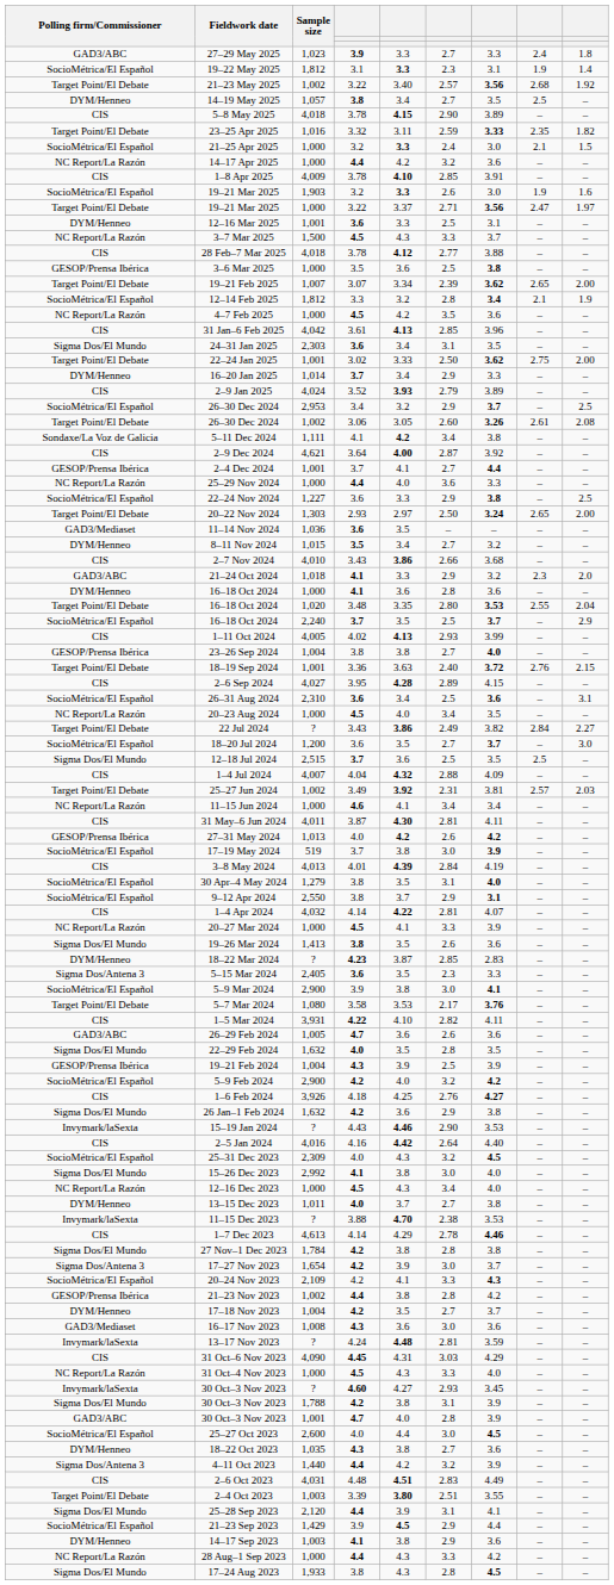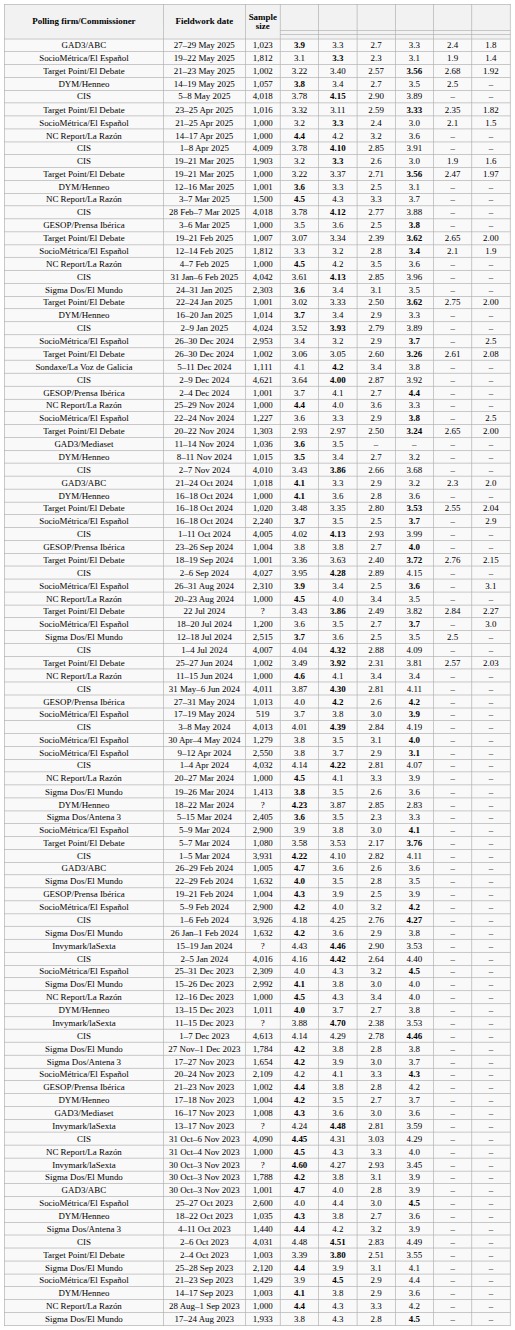 <table class="wikitable collapsible collapsed" style="text-align:center; font-size:90%; line-height:14px;">
 <tr style="height:42px;">
 <th style="width:250px;" rowspan="3">Polling firm/Commissioner</th>
 <th style="width:125px;" rowspan="3">Fieldwork date</th>
 <th style="width:50px;" rowspan="3">Sample size</th>
 <th style="width:55px;"></th>
 <th style="width:55px;"></th>
 <th style="width:55px;"></th>
 <th style="width:55px;"></th>
 <th style="width:55px;"></th>
 <th style="width:55px;"></th>
 </tr>
 <tr>
 <th style="color:inherit;background:"></th>
 <th style="color:inherit;background:"></th>
 <th style="color:inherit;background:"></th>
 <th style="color:inherit;background:"></th>
 <th style="color:inherit;background:"></th>
 <th style="color:inherit;background:"></th>
 </tr>
 <tr>
 <th></th>
 <th></th>
 <th></th>
 <th></th>
 <th></th>
 <th></th>
 </tr>
 <tr>
 <td>GAD3/ABC</td>
 <td>27–29 May 2025</td>
 <td>1,023</td>
 <td><strong>3.9</strong></td>
 <td>3.3</td>
 <td>2.7</td>
 <td>3.3</td>
 <td>2.4</td>
 <td>1.8</td>
 </tr>
 <tr>
 <td>SocioMétrica/El Español</td>
 <td>19–22 May 2025</td>
 <td>1,812</td>
 <td>3.1</td>
 <td><strong>3.3</strong></td>
 <td>2.3</td>
 <td>3.1</td>
 <td>1.9</td>
 <td>1.4</td>
 </tr>
 <tr>
 <td>Target Point/El Debate</td>
 <td>21–23 May 2025</td>
 <td>1,002</td>
 <td>3.22</td>
 <td>3.40</td>
 <td>2.57</td>
 <td><strong>3.56</strong></td>
 <td>2.68</td>
 <td>1.92</td>
 </tr>
 <tr>
 <td>DYM/Henneo</td>
 <td>14–19 May 2025</td>
 <td>1,057</td>
 <td><strong>3.8</strong></td>
 <td>3.4</td>
 <td>2.7</td>
 <td>3.5</td>
 <td>2.5</td>
 <td>–</td>
 </tr>
 <tr>
 <td>CIS</td>
 <td>5–8 May 2025</td>
 <td>4,018</td>
 <td>3.78</td>
 <td><strong>4.15</strong></td>
 <td>2.90</td>
 <td>3.89</td>
 <td>–</td>
 <td>–</td>
 </tr>
 <tr>
 <td>Target Point/El Debate</td>
 <td>23–25 Apr 2025</td>
 <td>1,016</td>
 <td>3.32</td>
 <td>3.11</td>
 <td>2.59</td>
 <td><strong>3.33</strong></td>
 <td>2.35</td>
 <td>1.82</td>
 </tr>
 <tr>
 <td>SocioMétrica/El Español</td>
 <td>21–25 Apr 2025</td>
 <td>1,000</td>
 <td>3.2</td>
 <td><strong>3.3</strong></td>
 <td>2.4</td>
 <td>3.0</td>
 <td>2.1</td>
 <td>1.5</td>
 </tr>
 <tr>
 <td>NC Report/La Razón</td>
 <td>14–17 Apr 2025</td>
 <td>1,000</td>
 <td><strong>4.4</strong></td>
 <td>4.2</td>
 <td>3.2</td>
 <td>3.6</td>
 <td>–</td>
 <td>–</td>
 </tr>
 <tr>
 <td>CIS</td>
 <td>1–8 Apr 2025</td>
 <td>4,009</td>
 <td>3.78</td>
 <td><strong>4.10</strong></td>
 <td>2.85</td>
 <td>3.91</td>
 <td>–</td>
 <td>–</td>
 </tr>
 <tr>
-<td>SocioMétrica/El Español</td>
+<td>CIS</td>
 <td>19–21 Mar 2025</td>
 <td>1,903</td>
 <td>3.2</td>
 <td><strong>3.3</strong></td>
 <td>2.6</td>
 <td>3.0</td>
 <td>1.9</td>
 <td>1.6</td>
 </tr>
 <tr>
 <td>Target Point/El Debate</td>
 <td>19–21 Mar 2025</td>
 <td>1,000</td>
 <td>3.22</td>
 <td>3.37</td>
 <td>2.71</td>
 <td><strong>3.56</strong></td>
 <td>2.47</td>
 <td>1.97</td>
 </tr>
 <tr>
 <td>DYM/Henneo</td>
 <td>12–16 Mar 2025</td>
 <td>1,001</td>
 <td><strong>3.6</strong></td>
 <td>3.3</td>
 <td>2.5</td>
 <td>3.1</td>
 <td>–</td>
 <td>–</td>
 </tr>
 <tr>
 <td>NC Report/La Razón</td>
 <td>3–7 Mar 2025</td>
 <td>1,500</td>
 <td><strong>4.5</strong></td>
 <td>4.3</td>
 <td>3.3</td>
 <td>3.7</td>
 <td>–</td>
 <td>–</td>
 </tr>
 <tr>
 <td>CIS</td>
 <td>28 Feb–7 Mar 2025</td>
 <td>4,018</td>
 <td>3.78</td>
 <td><strong>4.12</strong></td>
 <td>2.77</td>
 <td>3.88</td>
 <td>–</td>
 <td>–</td>
 </tr>
 <tr>
 <td>GESOP/Prensa Ibérica</td>
 <td>3–6 Mar 2025</td>
 <td>1,000</td>
 <td>3.5</td>
 <td>3.6</td>
 <td>2.5</td>
 <td><strong>3.8</strong></td>
 <td>–</td>
 <td>–</td>
 </tr>
 <tr>
 <td>Target Point/El Debate</td>
 <td>19–21 Feb 2025</td>
 <td>1,007</td>
 <td>3.07</td>
 <td>3.34</td>
 <td>2.39</td>
 <td><strong>3.62</strong></td>
 <td>2.65</td>
 <td>2.00</td>
 </tr>
 <tr>
 <td>SocioMétrica/El Español</td>
 <td>12–14 Feb 2025</td>
 <td>1,812</td>
 <td>3.3</td>
 <td>3.2</td>
 <td>2.8</td>
 <td><strong>3.4</strong></td>
 <td>2.1</td>
 <td>1.9</td>
 </tr>
 <tr>
 <td>NC Report/La Razón</td>
 <td>4–7 Feb 2025</td>
 <td>1,000</td>
 <td><strong>4.5</strong></td>
 <td>4.2</td>
 <td>3.5</td>
 <td>3.6</td>
 <td>–</td>
 <td>–</td>
 </tr>
 <tr>
 <td>CIS</td>
 <td>31 Jan–6 Feb 2025</td>
 <td>4,042</td>
 <td>3.61</td>
 <td><strong>4.13</strong></td>
 <td>2.85</td>
 <td>3.96</td>
 <td>–</td>
 <td>–</td>
 </tr>
 <tr>
 <td>Sigma Dos/El Mundo</td>
 <td>24–31 Jan 2025</td>
 <td>2,303</td>
 <td><strong>3.6</strong></td>
 <td>3.4</td>
 <td>3.1</td>
 <td>3.5</td>
 <td>–</td>
 <td>–</td>
 </tr>
 <tr>
 <td>Target Point/El Debate</td>
 <td>22–24 Jan 2025</td>
 <td>1,001</td>
 <td>3.02</td>
 <td>3.33</td>
 <td>2.50</td>
 <td><strong>3.62</strong></td>
 <td>2.75</td>
 <td>2.00</td>
 </tr>
 <tr>
 <td>DYM/Henneo</td>
 <td>16–20 Jan 2025</td>
 <td>1,014</td>
 <td><strong>3.7</strong></td>
 <td>3.4</td>
 <td>2.9</td>
 <td>3.3</td>
 <td>–</td>
 <td>–</td>
 </tr>
 <tr>
 <td>CIS</td>
 <td>2–9 Jan 2025</td>
 <td>4,024</td>
 <td>3.52</td>
 <td><strong>3.93</strong></td>
 <td>2.79</td>
 <td>3.89</td>
 <td>–</td>
 <td>–</td>
 </tr>
 <tr>
 <td>SocioMétrica/El Español</td>
 <td>26–30 Dec 2024</td>
 <td>2,953</td>
 <td>3.4</td>
 <td>3.2</td>
 <td>2.9</td>
 <td><strong>3.7</strong></td>
 <td>–</td>
 <td>2.5</td>
 </tr>
 <tr>
 <td>Target Point/El Debate</td>
 <td>26–30 Dec 2024</td>
 <td>1,002</td>
 <td>3.06</td>
 <td>3.05</td>
 <td>2.60</td>
 <td><strong>3.26</strong></td>
 <td>2.61</td>
 <td>2.08</td>
 </tr>
 <tr>
 <td>Sondaxe/La Voz de Galicia</td>
 <td>5–11 Dec 2024</td>
 <td>1,111</td>
 <td>4.1</td>
 <td><strong>4.2</strong></td>
 <td>3.4</td>
 <td>3.8</td>
 <td>–</td>
 <td>–</td>
 </tr>
 <tr>
 <td>CIS</td>
 <td>2–9 Dec 2024</td>
 <td>4,621</td>
 <td>3.64</td>
 <td><strong>4.00</strong></td>
 <td>2.87</td>
 <td>3.92</td>
 <td>–</td>
 <td>–</td>
 </tr>
 <tr>
 <td>GESOP/Prensa Ibérica</td>
 <td>2–4 Dec 2024</td>
 <td>1,001</td>
 <td>3.7</td>
 <td>4.1</td>
 <td>2.7</td>
 <td><strong>4.4</strong></td>
 <td>–</td>
 <td>–</td>
 </tr>
 <tr>
 <td>NC Report/La Razón</td>
 <td>25–29 Nov 2024</td>
 <td>1,000</td>
 <td><strong>4.4</strong></td>
 <td>4.0</td>
 <td>3.6</td>
 <td>3.3</td>
 <td>–</td>
 <td>–</td>
 </tr>
 <tr>
 <td>SocioMétrica/El Español</td>
 <td>22–24 Nov 2024</td>
 <td>1,227</td>
 <td>3.6</td>
 <td>3.3</td>
 <td>2.9</td>
 <td><strong>3.8</strong></td>
 <td>–</td>
 <td>2.5</td>
 </tr>
 <tr>
 <td>Target Point/El Debate</td>
 <td>20–22 Nov 2024</td>
 <td>1,303</td>
 <td>2.93</td>
 <td>2.97</td>
 <td>2.50</td>
 <td><strong>3.24</strong></td>
 <td>2.65</td>
 <td>2.00</td>
 </tr>
 <tr>
 <td>GAD3/Mediaset</td>
 <td>11–14 Nov 2024</td>
 <td>1,036</td>
 <td><strong>3.6</strong></td>
 <td>3.5</td>
 <td>–</td>
 <td>–</td>
 <td>–</td>
 <td>–</td>
 </tr>
 <tr>
 <td>DYM/Henneo</td>
 <td>8–11 Nov 2024</td>
 <td>1,015</td>
 <td><strong>3.5</strong></td>
 <td>3.4</td>
 <td>2.7</td>
 <td>3.2</td>
 <td>–</td>
 <td>–</td>
 </tr>
 <tr>
 <td>CIS</td>
 <td>2–7 Nov 2024</td>
 <td>4,010</td>
 <td>3.43</td>
 <td><strong>3.86</strong></td>
 <td>2.66</td>
 <td>3.68</td>
 <td>–</td>
 <td>–</td>
 </tr>
 <tr>
 <td>GAD3/ABC</td>
 <td>21–24 Oct 2024</td>
 <td>1,018</td>
 <td><strong>4.1</strong></td>
 <td>3.3</td>
 <td>2.9</td>
 <td>3.2</td>
 <td>2.3</td>
 <td>2.0</td>
 </tr>
 <tr>
 <td>DYM/Henneo</td>
 <td>16–18 Oct 2024</td>
 <td>1,000</td>
 <td><strong>4.1</strong></td>
 <td>3.6</td>
 <td>2.8</td>
 <td>3.6</td>
 <td>–</td>
 <td>–</td>
 </tr>
 <tr>
 <td>Target Point/El Debate</td>
 <td>16–18 Oct 2024</td>
 <td>1,020</td>
 <td>3.48</td>
 <td>3.35</td>
 <td>2.80</td>
 <td><strong>3.53</strong></td>
 <td>2.55</td>
 <td>2.04</td>
 </tr>
 <tr>
 <td>SocioMétrica/El Español</td>
 <td>16–18 Oct 2024</td>
 <td>2,240</td>
 <td><strong>3.7</strong></td>
 <td>3.5</td>
 <td>2.5</td>
 <td><strong>3.7</strong></td>
 <td>–</td>
 <td>2.9</td>
 </tr>
 <tr>
 <td>CIS</td>
 <td>1–11 Oct 2024</td>
 <td>4,005</td>
 <td>4.02</td>
 <td><strong>4.13</strong></td>
 <td>2.93</td>
 <td>3.99</td>
 <td>–</td>
 <td>–</td>
 </tr>
 <tr>
 <td>GESOP/Prensa Ibérica</td>
 <td>23–26 Sep 2024</td>
 <td>1,004</td>
 <td>3.8</td>
 <td>3.8</td>
 <td>2.7</td>
 <td><strong>4.0</strong></td>
 <td>–</td>
 <td>–</td>
 </tr>
 <tr>
 <td>Target Point/El Debate</td>
 <td>18–19 Sep 2024</td>
 <td>1,001</td>
 <td>3.36</td>
 <td>3.63</td>
 <td>2.40</td>
 <td><strong>3.72</strong></td>
 <td>2.76</td>
 <td>2.15</td>
 </tr>
 <tr>
 <td>CIS</td>
 <td>2–6 Sep 2024</td>
 <td>4,027</td>
 <td>3.95</td>
 <td><strong>4.28</strong></td>
 <td>2.89</td>
 <td>4.15</td>
 <td>–</td>
 <td>–</td>
 </tr>
 <tr>
 <td>SocioMétrica/El Español</td>
 <td>26–31 Aug 2024</td>
 <td>2,310</td>
-<td><strong>3.6</strong></td>
+<td><strong>3.9</strong></td>
 <td>3.4</td>
 <td>2.5</td>
 <td><strong>3.6</strong></td>
 <td>–</td>
 <td>3.1</td>
 </tr>
 <tr>
 <td>NC Report/La Razón</td>
 <td>20–23 Aug 2024</td>
 <td>1,000</td>
 <td><strong>4.5</strong></td>
 <td>4.0</td>
 <td>3.4</td>
 <td>3.5</td>
 <td>–</td>
 <td>–</td>
 </tr>
 <tr>
 <td>Target Point/El Debate</td>
 <td>22 Jul 2024</td>
 <td>?</td>
 <td>3.43</td>
 <td><strong>3.86</strong></td>
 <td>2.49</td>
 <td>3.82</td>
 <td>2.84</td>
 <td>2.27</td>
 </tr>
 <tr>
 <td>SocioMétrica/El Español</td>
 <td>18–20 Jul 2024</td>
 <td>1,200</td>
 <td>3.6</td>
 <td>3.5</td>
 <td>2.7</td>
 <td><strong>3.7</strong></td>
 <td>–</td>
 <td>3.0</td>
 </tr>
 <tr>
 <td>Sigma Dos/El Mundo</td>
 <td>12–18 Jul 2024</td>
 <td>2,515</td>
 <td><strong>3.7</strong></td>
 <td>3.6</td>
 <td>2.5</td>
 <td>3.5</td>
 <td>2.5</td>
 <td>–</td>
 </tr>
 <tr>
 <td>CIS</td>
 <td>1–4 Jul 2024</td>
 <td>4,007</td>
 <td>4.04</td>
 <td><strong>4.32</strong></td>
 <td>2.88</td>
 <td>4.09</td>
 <td>–</td>
 <td>–</td>
 </tr>
 <tr>
 <td>Target Point/El Debate</td>
 <td>25–27 Jun 2024</td>
 <td>1,002</td>
 <td>3.49</td>
 <td><strong>3.92</strong></td>
 <td>2.31</td>
 <td>3.81</td>
 <td>2.57</td>
 <td>2.03</td>
 </tr>
 <tr>
 <td>NC Report/La Razón</td>
 <td>11–15 Jun 2024</td>
 <td>1,000</td>
 <td><strong>4.6</strong></td>
 <td>4.1</td>
 <td>3.4</td>
 <td>3.4</td>
 <td>–</td>
 <td>–</td>
 </tr>
 <tr>
 <td>CIS</td>
 <td>31 May–6 Jun 2024</td>
 <td>4,011</td>
 <td>3.87</td>
 <td><strong>4.30</strong></td>
 <td>2.81</td>
 <td>4.11</td>
 <td>–</td>
 <td>–</td>
 </tr>
 <tr>
 <td>GESOP/Prensa Ibérica</td>
 <td>27–31 May 2024</td>
 <td>1,013</td>
 <td>4.0</td>
 <td><strong>4.2</strong></td>
 <td>2.6</td>
 <td><strong>4.2</strong></td>
 <td>–</td>
 <td>–</td>
 </tr>
 <tr>
 <td>SocioMétrica/El Español</td>
 <td>17–19 May 2024</td>
 <td>519</td>
 <td>3.7</td>
 <td>3.8</td>
 <td>3.0</td>
 <td><strong>3.9</strong></td>
 <td>–</td>
 <td>–</td>
 </tr>
 <tr>
 <td>CIS</td>
 <td>3–8 May 2024</td>
 <td>4,013</td>
 <td>4.01</td>
 <td><strong>4.39</strong></td>
 <td>2.84</td>
 <td>4.19</td>
 <td>–</td>
 <td>–</td>
 </tr>
 <tr>
 <td>SocioMétrica/El Español</td>
 <td>30 Apr–4 May 2024</td>
 <td>1,279</td>
 <td>3.8</td>
 <td>3.5</td>
 <td>3.1</td>
 <td><strong>4.0</strong></td>
 <td>–</td>
 <td>–</td>
 </tr>
 <tr>
 <td>SocioMétrica/El Español</td>
 <td>9–12 Apr 2024</td>
 <td>2,550</td>
 <td>3.8</td>
 <td>3.7</td>
 <td>2.9</td>
 <td><strong>3.1</strong></td>
 <td>–</td>
 <td>–</td>
 </tr>
 <tr>
 <td>CIS</td>
 <td>1–4 Apr 2024</td>
 <td>4,032</td>
 <td>4.14</td>
 <td><strong>4.22</strong></td>
 <td>2.81</td>
 <td>4.07</td>
 <td>–</td>
 <td>–</td>
 </tr>
 <tr>
 <td>NC Report/La Razón</td>
 <td>20–27 Mar 2024</td>
 <td>1,000</td>
 <td><strong>4.5</strong></td>
 <td>4.1</td>
 <td>3.3</td>
 <td>3.9</td>
 <td>–</td>
 <td>–</td>
 </tr>
 <tr>
 <td>Sigma Dos/El Mundo</td>
 <td>19–26 Mar 2024</td>
 <td>1,413</td>
 <td><strong>3.8</strong></td>
 <td>3.5</td>
 <td>2.6</td>
 <td>3.6</td>
 <td>–</td>
 <td>–</td>
 </tr>
 <tr>
 <td>DYM/Henneo</td>
 <td>18–22 Mar 2024</td>
 <td>?</td>
 <td><strong>4.23</strong></td>
 <td>3.87</td>
 <td>2.85</td>
 <td>2.83</td>
 <td>–</td>
 <td>–</td>
 </tr>
 <tr>
 <td>Sigma Dos/Antena 3</td>
 <td>5–15 Mar 2024</td>
 <td>2,405</td>
 <td><strong>3.6</strong></td>
 <td>3.5</td>
 <td>2.3</td>
 <td>3.3</td>
 <td>–</td>
 <td>–</td>
 </tr>
 <tr>
 <td>SocioMétrica/El Español</td>
 <td>5–9 Mar 2024</td>
 <td>2,900</td>
 <td>3.9</td>
 <td>3.8</td>
 <td>3.0</td>
 <td><strong>4.1</strong></td>
 <td>–</td>
 <td>–</td>
 </tr>
 <tr>
 <td>Target Point/El Debate</td>
 <td>5–7 Mar 2024</td>
 <td>1,080</td>
 <td>3.58</td>
 <td>3.53</td>
 <td>2.17</td>
 <td><strong>3.76</strong></td>
 <td>–</td>
 <td>–</td>
 </tr>
 <tr>
 <td>CIS</td>
 <td>1–5 Mar 2024</td>
 <td>3,931</td>
 <td><strong>4.22</strong></td>
 <td>4.10</td>
 <td>2.82</td>
 <td>4.11</td>
 <td>–</td>
 <td>–</td>
 </tr>
 <tr>
 <td>GAD3/ABC</td>
 <td>26–29 Feb 2024</td>
 <td>1,005</td>
 <td><strong>4.7</strong></td>
 <td>3.6</td>
 <td>2.6</td>
 <td>3.6</td>
 <td>–</td>
 <td>–</td>
 </tr>
 <tr>
 <td>Sigma Dos/El Mundo</td>
 <td>22–29 Feb 2024</td>
 <td>1,632</td>
 <td><strong>4.0</strong></td>
 <td>3.5</td>
 <td>2.8</td>
 <td>3.5</td>
 <td>–</td>
 <td>–</td>
 </tr>
 <tr>
 <td>GESOP/Prensa Ibérica</td>
 <td>19–21 Feb 2024</td>
 <td>1,004</td>
 <td><strong>4.3</strong></td>
 <td>3.9</td>
 <td>2.5</td>
 <td>3.9</td>
 <td>–</td>
 <td>–</td>
 </tr>
 <tr>
 <td>SocioMétrica/El Español</td>
 <td>5–9 Feb 2024</td>
 <td>2,900</td>
 <td><strong>4.2</strong></td>
 <td>4.0</td>
 <td>3.2</td>
 <td><strong>4.2</strong></td>
 <td>–</td>
 <td>–</td>
 </tr>
 <tr>
 <td>CIS</td>
 <td>1–6 Feb 2024</td>
 <td>3,926</td>
 <td>4.18</td>
 <td>4.25</td>
 <td>2.76</td>
 <td><strong>4.27</strong></td>
 <td>–</td>
 <td>–</td>
 </tr>
 <tr>
 <td>Sigma Dos/El Mundo</td>
 <td>26 Jan–1 Feb 2024</td>
 <td>1,632</td>
 <td><strong>4.2</strong></td>
 <td>3.6</td>
 <td>2.9</td>
 <td>3.8</td>
 <td>–</td>
 <td>–</td>
 </tr>
 <tr>
 <td>Invymark/laSexta</td>
 <td>15–19 Jan 2024</td>
 <td>?</td>
 <td>4.43</td>
 <td><strong>4.46</strong></td>
 <td>2.90</td>
 <td>3.53</td>
 <td>–</td>
 <td>–</td>
 </tr>
 <tr>
 <td>CIS</td>
 <td>2–5 Jan 2024</td>
 <td>4,016</td>
 <td>4.16</td>
 <td><strong>4.42</strong></td>
 <td>2.64</td>
 <td>4.40</td>
 <td>–</td>
 <td>–</td>
 </tr>
 <tr>
 <td>SocioMétrica/El Español</td>
 <td>25–31 Dec 2023</td>
 <td>2,309</td>
 <td>4.0</td>
 <td>4.3</td>
 <td>3.2</td>
 <td><strong>4.5</strong></td>
 <td>–</td>
 <td>–</td>
 </tr>
 <tr>
 <td>Sigma Dos/El Mundo</td>
 <td>15–26 Dec 2023</td>
 <td>2,992</td>
 <td><strong>4.1</strong></td>
 <td>3.8</td>
 <td>3.0</td>
 <td>4.0</td>
 <td>–</td>
 <td>–</td>
 </tr>
 <tr>
 <td>NC Report/La Razón</td>
 <td>12–16 Dec 2023</td>
 <td>1,000</td>
 <td><strong>4.5</strong></td>
 <td>4.3</td>
 <td>3.4</td>
 <td>4.0</td>
 <td>–</td>
 <td>–</td>
 </tr>
 <tr>
 <td>DYM/Henneo</td>
 <td>13–15 Dec 2023</td>
 <td>1,011</td>
 <td><strong>4.0</strong></td>
 <td>3.7</td>
 <td>2.7</td>
 <td>3.8</td>
 <td>–</td>
 <td>–</td>
 </tr>
 <tr>
 <td>Invymark/laSexta</td>
 <td>11–15 Dec 2023</td>
 <td>?</td>
 <td>3.88</td>
 <td><strong>4.70</strong></td>
 <td>2.38</td>
 <td>3.53</td>
 <td>–</td>
 <td>–</td>
 </tr>
 <tr>
 <td>CIS</td>
 <td>1–7 Dec 2023</td>
 <td>4,613</td>
 <td>4.14</td>
 <td>4.29</td>
 <td>2.78</td>
 <td><strong>4.46</strong></td>
 <td>–</td>
 <td>–</td>
 </tr>
 <tr>
 <td>Sigma Dos/El Mundo</td>
 <td>27 Nov–1 Dec 2023</td>
 <td>1,784</td>
 <td><strong>4.2</strong></td>
 <td>3.8</td>
 <td>2.8</td>
 <td>3.8</td>
 <td>–</td>
 <td>–</td>
 </tr>
 <tr>
 <td>Sigma Dos/Antena 3</td>
 <td>17–27 Nov 2023</td>
 <td>1,654</td>
 <td><strong>4.2</strong></td>
 <td>3.9</td>
 <td>3.0</td>
 <td>3.7</td>
 <td>–</td>
 <td>–</td>
 </tr>
 <tr>
 <td>SocioMétrica/El Español</td>
 <td>20–24 Nov 2023</td>
 <td>2,109</td>
 <td>4.2</td>
 <td>4.1</td>
 <td>3.3</td>
 <td><strong>4.3</strong></td>
 <td>–</td>
 <td>–</td>
 </tr>
 <tr>
 <td>GESOP/Prensa Ibérica</td>
 <td>21–23 Nov 2023</td>
 <td>1,002</td>
 <td><strong>4.4</strong></td>
 <td>3.8</td>
 <td>2.8</td>
 <td>4.2</td>
 <td>–</td>
 <td>–</td>
 </tr>
 <tr>
 <td>DYM/Henneo</td>
 <td>17–18 Nov 2023</td>
 <td>1,004</td>
 <td><strong>4.2</strong></td>
 <td>3.5</td>
 <td>2.7</td>
 <td>3.7</td>
 <td>–</td>
 <td>–</td>
 </tr>
 <tr>
 <td>GAD3/Mediaset</td>
 <td>16–17 Nov 2023</td>
 <td>1,008</td>
 <td><strong>4.3</strong></td>
 <td>3.6</td>
 <td>3.0</td>
 <td>3.6</td>
 <td>–</td>
 <td>–</td>
 </tr>
 <tr>
 <td>Invymark/laSexta</td>
 <td>13–17 Nov 2023</td>
 <td>?</td>
 <td>4.24</td>
 <td><strong>4.48</strong></td>
 <td>2.81</td>
 <td>3.59</td>
 <td>–</td>
 <td>–</td>
 </tr>
 <tr>
 <td>CIS</td>
 <td>31 Oct–6 Nov 2023</td>
 <td>4,090</td>
 <td><strong>4.45</strong></td>
 <td>4.31</td>
 <td>3.03</td>
 <td>4.29</td>
 <td>–</td>
 <td>–</td>
 </tr>
 <tr>
 <td>NC Report/La Razón</td>
 <td>31 Oct–4 Nov 2023</td>
 <td>1,000</td>
 <td><strong>4.5</strong></td>
 <td>4.3</td>
 <td>3.3</td>
 <td>4.0</td>
 <td>–</td>
 <td>–</td>
 </tr>
 <tr>
 <td>Invymark/laSexta</td>
 <td>30 Oct–3 Nov 2023</td>
 <td>?</td>
 <td><strong>4.60</strong></td>
 <td>4.27</td>
 <td>2.93</td>
 <td>3.45</td>
 <td>–</td>
 <td>–</td>
 </tr>
 <tr>
 <td>Sigma Dos/El Mundo</td>
 <td>30 Oct–3 Nov 2023</td>
 <td>1,788</td>
 <td><strong>4.2</strong></td>
 <td>3.8</td>
 <td>3.1</td>
 <td>3.9</td>
 <td>–</td>
 <td>–</td>
 </tr>
 <tr>
 <td>GAD3/ABC</td>
 <td>30 Oct–3 Nov 2023</td>
 <td>1,001</td>
 <td><strong>4.7</strong></td>
 <td>4.0</td>
 <td>2.8</td>
 <td>3.9</td>
 <td>–</td>
 <td>–</td>
 </tr>
 <tr>
 <td>SocioMétrica/El Español</td>
 <td>25–27 Oct 2023</td>
 <td>2,600</td>
 <td>4.0</td>
 <td>4.4</td>
 <td>3.0</td>
 <td><strong>4.5</strong></td>
 <td>–</td>
 <td>–</td>
 </tr>
 <tr>
 <td>DYM/Henneo</td>
 <td>18–22 Oct 2023</td>
 <td>1,035</td>
 <td><strong>4.3</strong></td>
 <td>3.8</td>
 <td>2.7</td>
 <td>3.6</td>
 <td>–</td>
 <td>–</td>
 </tr>
 <tr>
 <td>Sigma Dos/Antena 3</td>
 <td>4–11 Oct 2023</td>
 <td>1,440</td>
 <td><strong>4.4</strong></td>
 <td>4.2</td>
 <td>3.2</td>
 <td>3.9</td>
 <td>–</td>
 <td>–</td>
 </tr>
 <tr>
 <td>CIS</td>
 <td>2–6 Oct 2023</td>
 <td>4,031</td>
 <td>4.48</td>
 <td><strong>4.51</strong></td>
 <td>2.83</td>
 <td>4.49</td>
 <td>–</td>
 <td>–</td>
 </tr>
 <tr>
 <td>Target Point/El Debate</td>
 <td>2–4 Oct 2023</td>
 <td>1,003</td>
 <td>3.39</td>
 <td><strong>3.80</strong></td>
 <td>2.51</td>
 <td>3.55</td>
 <td>–</td>
 <td>–</td>
 </tr>
 <tr>
 <td>Sigma Dos/El Mundo</td>
 <td>25–28 Sep 2023</td>
 <td>2,120</td>
 <td><strong>4.4</strong></td>
 <td>3.9</td>
 <td>3.1</td>
 <td>4.1</td>
 <td>–</td>
 <td>–</td>
 </tr>
 <tr>
 <td>SocioMétrica/El Español</td>
 <td>21–23 Sep 2023</td>
 <td>1,429</td>
 <td>3.9</td>
 <td><strong>4.5</strong></td>
 <td>2.9</td>
 <td>4.4</td>
 <td>–</td>
 <td>–</td>
 </tr>
 <tr>
 <td>DYM/Henneo</td>
 <td>14–17 Sep 2023</td>
 <td>1,003</td>
 <td><strong>4.1</strong></td>
 <td>3.8</td>
 <td>2.9</td>
 <td>3.6</td>
 <td>–</td>
 <td>–</td>
 </tr>
 <tr>
 <td>NC Report/La Razón</td>
 <td>28 Aug–1 Sep 2023</td>
 <td>1,000</td>
 <td><strong>4.4</strong></td>
 <td>4.3</td>
 <td>3.3</td>
 <td>4.2</td>
 <td>–</td>
 <td>–</td>
 </tr>
 <tr>
 <td>Sigma Dos/El Mundo</td>
 <td>17–24 Aug 2023</td>
 <td>1,933</td>
 <td>3.8</td>
 <td>4.3</td>
 <td>2.8</td>
 <td><strong>4.5</strong></td>
 <td>–</td>
 <td>–</td>
 </tr>
 </table>
